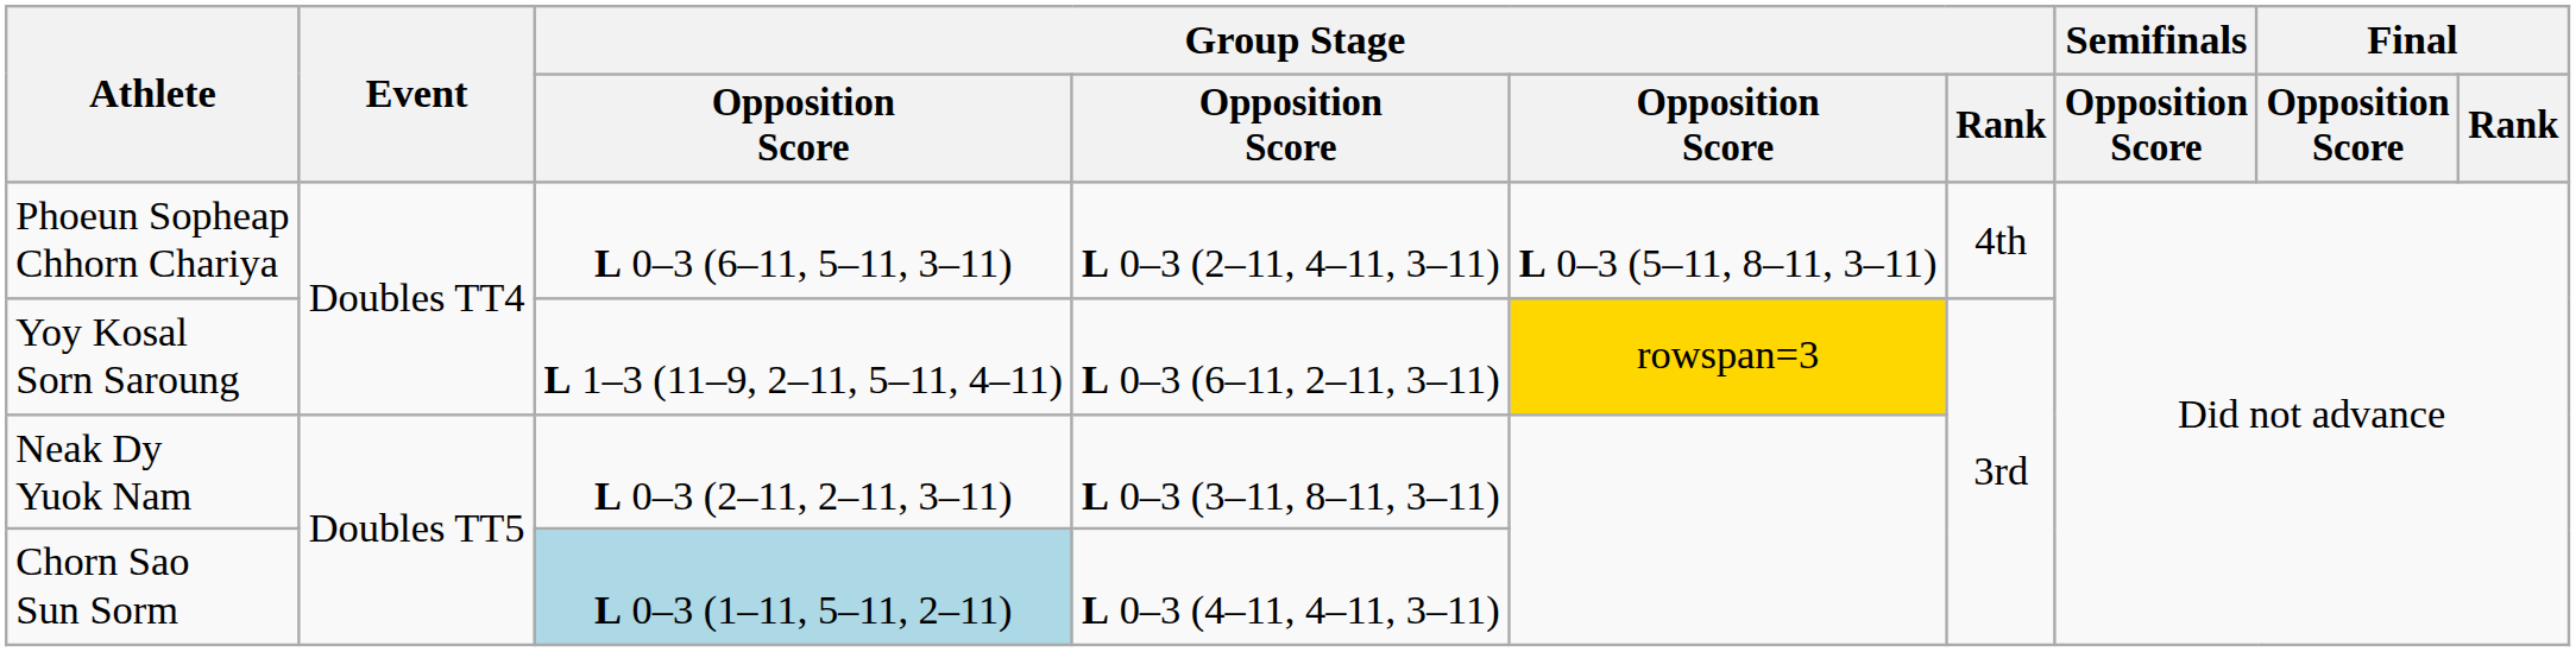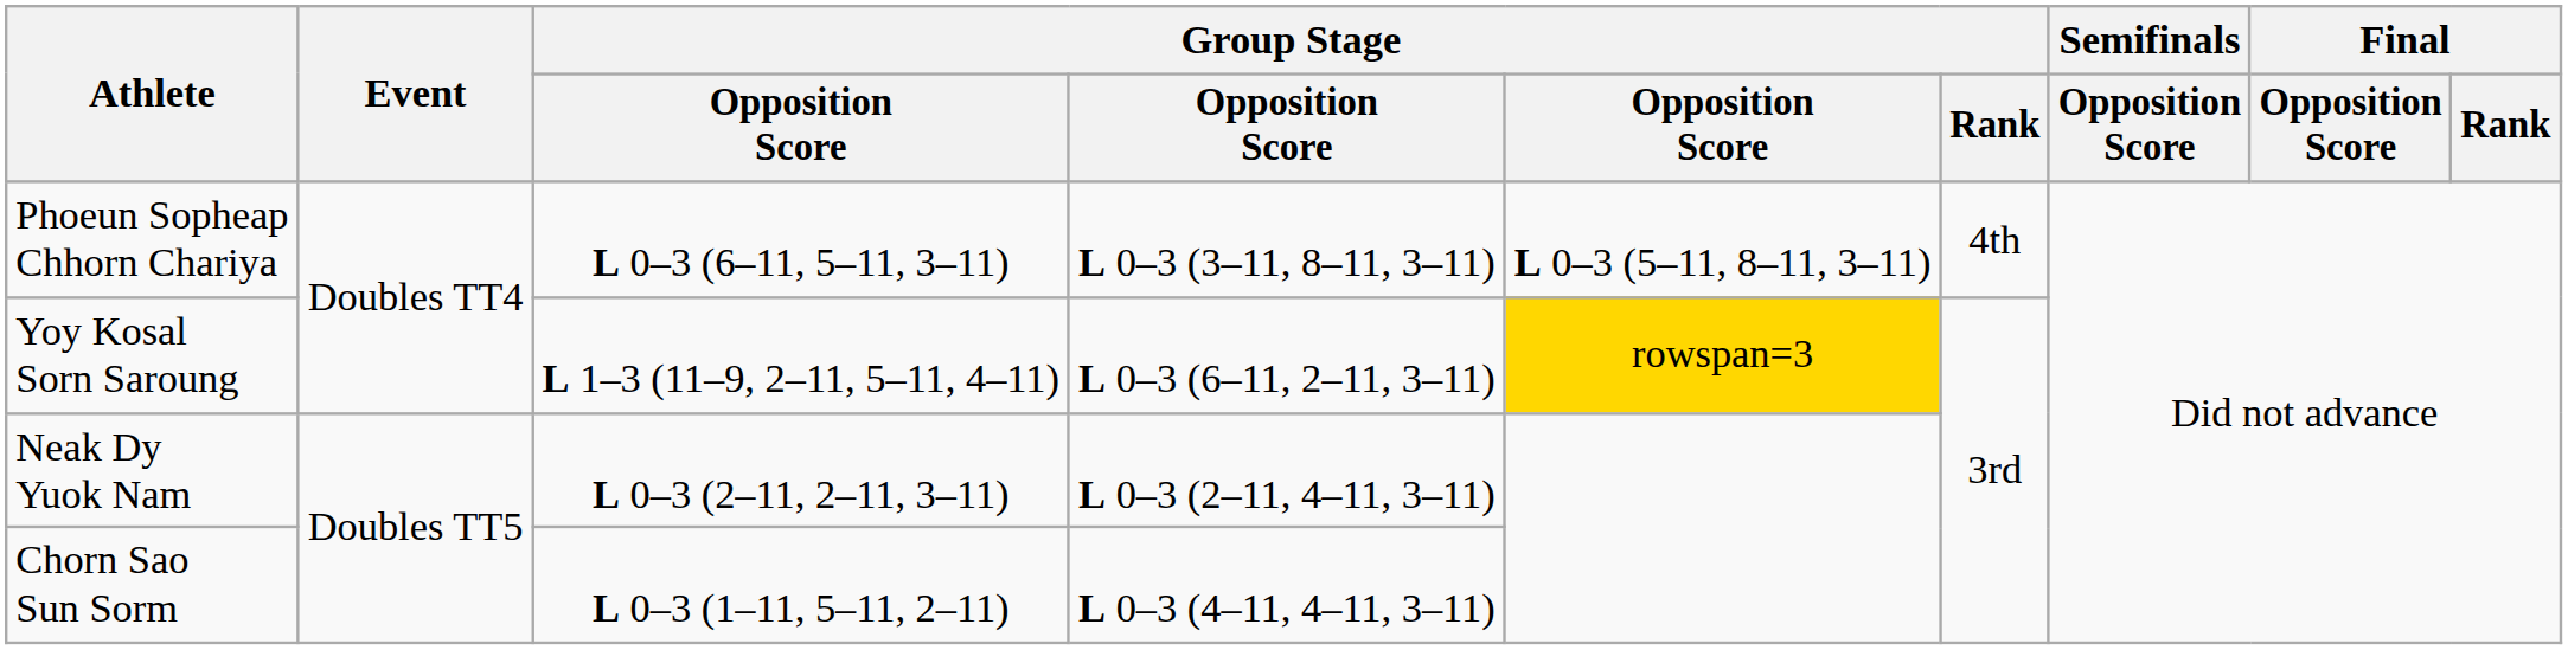 <table class="wikitable" style="font-size:90%">
 <tr>
 <th rowspan=2>Athlete</th>
 <th rowspan=2>Event</th>
 <th colspan=4>Group Stage</th>
 <th>Semifinals</th>
 <th colspan=2>Final</th>
 </tr>
 <tr style="font-size:95%">
 <th>Opposition<br>Score</th>
 <th>Opposition<br>Score</th>
 <th>Opposition<br>Score</th>
 <th>Rank</th>
 <th>Opposition<br>Score</th>
 <th>Opposition<br>Score</th>
 <th>Rank</th>
 </tr>
 <tr style="text-align:center">
 <td style="text-align:left">Phoeun Sopheap<br>Chhorn Chariya</td>
 <td style="text-align:left" rowspan=2>Doubles TT4</td>
 <td><br><strong>L</strong> 0–3 (6–11, 5–11, 3–11)</td>
-<td><br><strong>L</strong> 0–3 (2–11, 4–11, 3–11)</td>
+<td><br><strong>L</strong> 0–3 (3–11, 8–11, 3–11)</td>
 <td><br><strong>L</strong> 0–3 (5–11, 8–11, 3–11)</td>
 <td>4th</td>
 <td colspan=3 rowspan=4>Did not advance</td>
 </tr>
 <tr style="text-align:center">
 <td style="text-align:left">Yoy Kosal<br>Sorn Saroung</td>
 <td><br><strong>L</strong> 1–3 (11–9, 2–11, 5–11, 4–11)</td>
 <td><br><strong>L</strong> 0–3 (6–11, 2–11, 3–11)</td>
 <td style="background: gold;">rowspan=3 </td>
 <td rowspan=3>3rd</td>
 </tr>
 <tr style="text-align:center">
 <td style="text-align:left">Neak Dy<br>Yuok Nam</td>
 <td style="text-align:left" rowspan=2>Doubles TT5</td>
 <td><br><strong>L</strong> 0–3 (2–11, 2–11, 3–11)</td>
-<td><br><strong>L</strong> 0–3 (3–11, 8–11, 3–11)</td>
+<td><br><strong>L</strong> 0–3 (2–11, 4–11, 3–11)</td>
 </tr>
 <tr style="text-align:center">
 <td style="text-align:left">Chorn Sao<br>Sun Sorm</td>
-<td style="background: lightblue;"><br><strong>L</strong> 0–3 (1–11, 5–11, 2–11)</td>
+<td><br><strong>L</strong> 0–3 (1–11, 5–11, 2–11)</td>
 <td><br><strong>L</strong> 0–3 (4–11, 4–11, 3–11)</td>
 </tr>
 </table>
